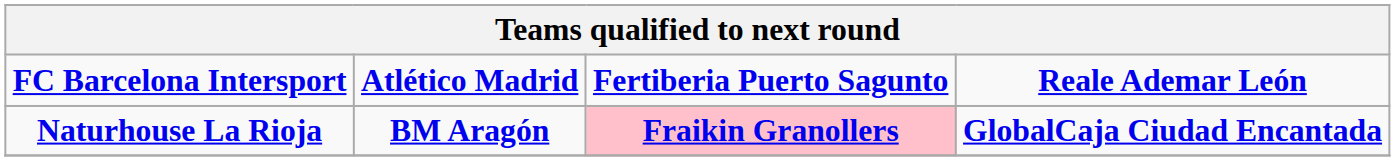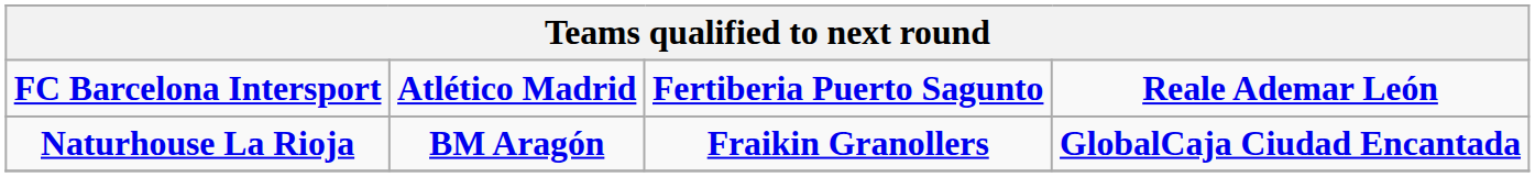 <table class="wikitable" style="text-align: center; margin: 0 auto;">
 <tr>
 <th colspan="4">Teams qualified to next round</th>
 </tr>
 <tr>
 <td><strong><a href='#'>FC Barcelona Intersport</a></strong></td>
 <td><strong><a href='#'>Atlético Madrid</a></strong></td>
 <td><strong><a href='#'>Fertiberia Puerto Sagunto</a></strong></td>
 <td><strong><a href='#'>Reale Ademar León</a></strong></td>
 </tr>
 <tr>
 <td><strong><a href='#'>Naturhouse La Rioja</a></strong></td>
 <td><strong><a href='#'>BM Aragón</a></strong></td>
-<td style="background: pink;"><strong><a href='#'>Fraikin Granollers</a></strong></td>
+<td><strong><a href='#'>Fraikin Granollers</a></strong></td>
 <td><strong><a href='#'>GlobalCaja Ciudad Encantada</a></strong></td>
 </tr>
 <tr>
 </tr>
 </table>
